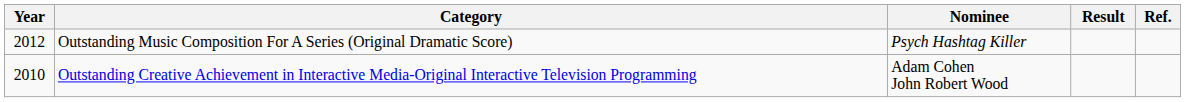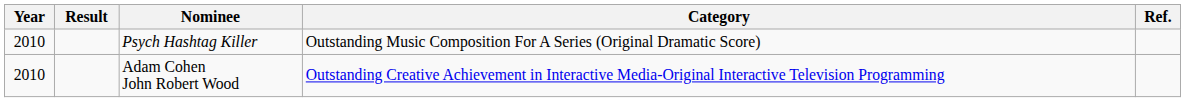 <table class="wikitable plainrowheaders" style="width:95%;">
 <tr>
 <th scope="col">Year</th>
+<th scope="col">Result</th>
+<th scope="col">Nominee</th>
 <th scope="col">Category</th>
-<th scope="col">Nominee</th>
-<th scope="col">Result</th>
 <th scope="col">Ref.</th>
 </tr>
 <tr>
-<td style="text-align:center;">2012</td>
+<td style="text-align:center;">2010</td>
+<td></td>
+<td><em>Psych Hashtag Killer</em></td>
 <td>Outstanding Music Composition For A Series (Original Dramatic Score)</td>
-<td><em>Psych Hashtag Killer</em></td>
-<td></td>
 <td style="text-align:center;"></td>
 </tr>
 <tr>
 <td style="text-align:center;">2010</td>
+<td></td>
+<td>Adam Cohen<br>John Robert Wood<br></td>
 <td><a href='#'>Outstanding Creative Achievement in Interactive Media-Original Interactive Television Programming</a></td>
-<td>Adam Cohen<br>John Robert Wood<br></td>
-<td></td>
 <td style="text-align:center;"></td>
 </tr>
 </table>
